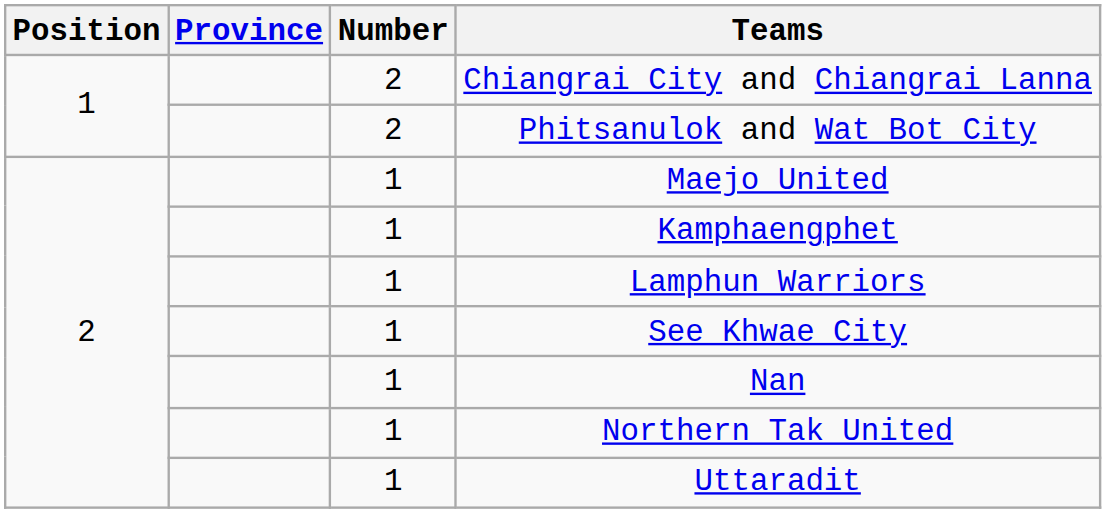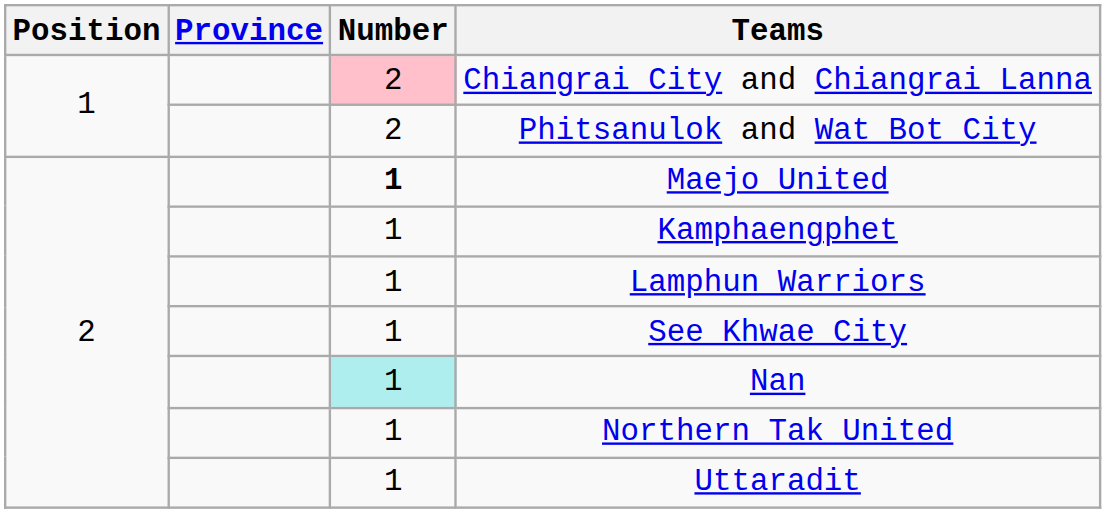 <table class="wikitable">
 <tr>
 <th>Position</th>
 <th><a href='#'>Province</a></th>
 <th>Number</th>
 <th>Teams</th>
 </tr>
 <tr>
 <td align=center rowspan="2">1</td>
 <td></td>
-<td align=center>2</td>
+<td align=center style="background: pink;">2</td>
 <td align=center><a href='#'>Chiangrai City</a> and <a href='#'>Chiangrai Lanna</a></td>
 </tr>
 <tr>
 <td></td>
 <td align=center>2</td>
 <td align=center><a href='#'>Phitsanulok</a> and <a href='#'>Wat Bot City</a></td>
 </tr>
 <tr>
 <td align=center rowspan="7">2</td>
 <td></td>
-<td align=center>1</td>
+<td align=center><strong>1</strong></td>
 <td align=center><a href='#'>Maejo United</a></td>
 </tr>
 <tr>
 <td></td>
 <td align=center>1</td>
 <td align=center><a href='#'>Kamphaengphet</a></td>
 </tr>
 <tr>
 <td></td>
 <td align=center>1</td>
 <td align=center><a href='#'>Lamphun Warriors</a></td>
 </tr>
 <tr>
 <td></td>
 <td align=center>1</td>
 <td align=center><a href='#'>See Khwae City</a></td>
 </tr>
 <tr>
 <td></td>
-<td align=center>1</td>
+<td align=center style="background: paleturquoise;">1</td>
 <td align=center><a href='#'>Nan</a></td>
 </tr>
 <tr>
 <td></td>
 <td align=center>1</td>
 <td align=center><a href='#'>Northern Tak United</a></td>
 </tr>
 <tr>
 <td></td>
 <td align=center>1</td>
 <td align=center><a href='#'>Uttaradit</a></td>
 </tr>
 </table>
